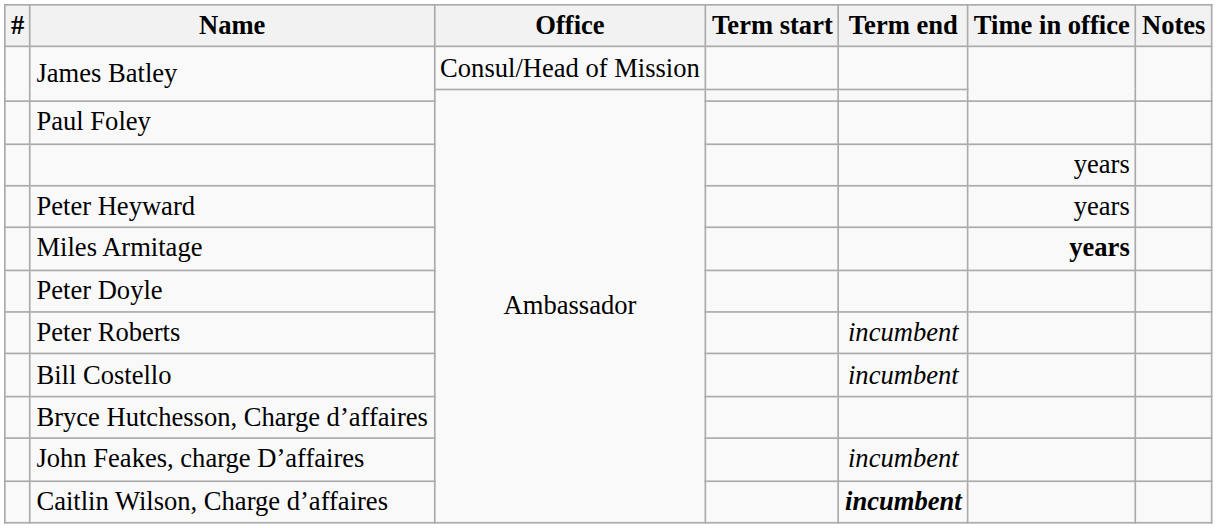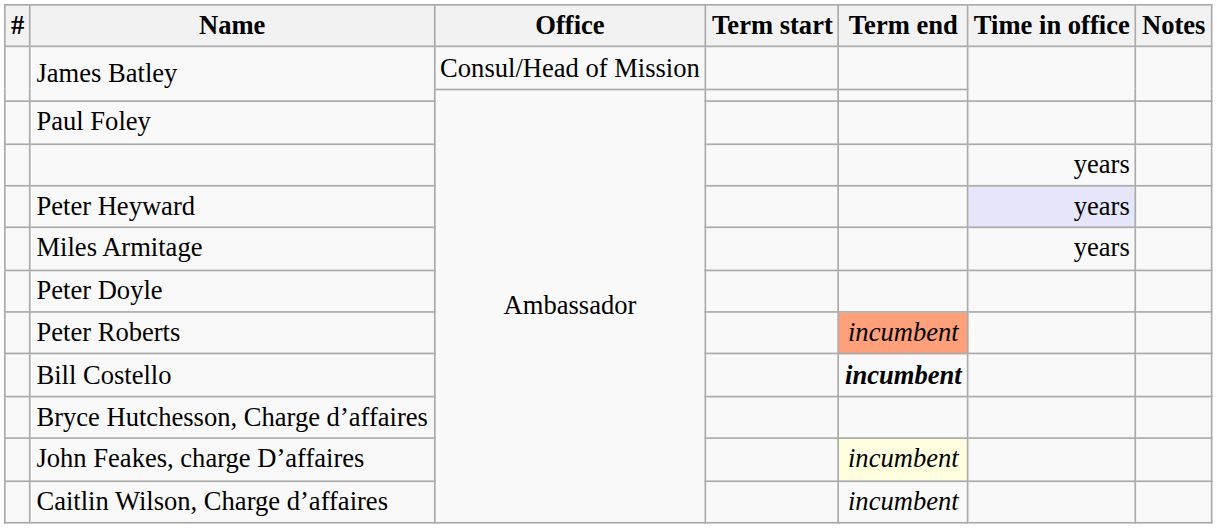 <table class='wikitable sortable'>
 <tr>
 <th>#</th>
 <th>Name</th>
 <th>Office</th>
 <th>Term start</th>
 <th>Term end</th>
 <th>Time in office</th>
 <th>Notes</th>
 </tr>
 <tr>
 <td rowspan=2 align=center></td>
 <td rowspan=2>James Batley</td>
 <td>Consul/Head of Mission</td>
 <td align=center></td>
 <td align=center></td>
 <td rowspan=2 align=right></td>
 <td rowspan=2></td>
 </tr>
 <tr>
 <td align=center rowspan=11>Ambassador</td>
 <td align=center></td>
 <td align=center></td>
 </tr>
 <tr>
 <td align=center></td>
 <td>Paul Foley</td>
 <td align=center></td>
 <td align=center></td>
 <td align=right></td>
 <td></td>
 </tr>
 <tr>
 <td align=center></td>
 <td></td>
 <td align=center></td>
 <td align=center></td>
 <td align=right> years</td>
 <td></td>
 </tr>
 <tr>
 <td align=center></td>
 <td>Peter Heyward</td>
 <td align=center></td>
 <td align=center></td>
-<td align=right> years</td>
+<td align=right style="background: lavender;"> years</td>
 <td></td>
 </tr>
 <tr>
 <td align=center></td>
 <td>Miles Armitage</td>
 <td align=center></td>
 <td align=center></td>
-<td align=right><strong> years</strong></td>
+<td align=right> years</td>
 <td></td>
 </tr>
 <tr>
 <td align=center></td>
 <td>Peter Doyle</td>
 <td align=center></td>
 <td align=center></td>
 <td align=right></td>
 <td></td>
 </tr>
 <tr>
 <td align=center></td>
 <td>Peter Roberts </td>
 <td align=center></td>
-<td align=center><em>incumbent</em></td>
+<td align=center style="background: lightsalmon;"><em>incumbent</em></td>
 <td align=right><strong></strong></td>
 <td></td>
 </tr>
 <tr>
 <td align=center></td>
 <td>Bill Costello</td>
 <td align=center></td>
-<td align=center><em>incumbent</em></td>
+<td align=center><strong><em>incumbent</em></strong></td>
 <td align=right></td>
 <td></td>
 </tr>
 <tr>
 <td align=center></td>
 <td>Bryce Hutchesson, Charge d’affaires</td>
 <td align=center></td>
 <td align=center><em> </em></td>
 <td align=right></td>
 <td></td>
 </tr>
 <tr>
 <td align=center></td>
 <td>John Feakes, charge D’affaires</td>
 <td align=center></td>
-<td align=center><em>incumbent</em></td>
+<td align=center style="background: lightyellow;"><em>incumbent</em></td>
 <td align=right></td>
 <td></td>
 </tr>
 <tr>
 <td align=center></td>
 <td>Caitlin Wilson, Charge d’affaires</td>
 <td align=center></td>
-<td align=center><strong><em>incumbent</em></strong></td>
+<td align=center><em>incumbent</em></td>
 <td align=right></td>
 <td></td>
 </tr>
 </table>
